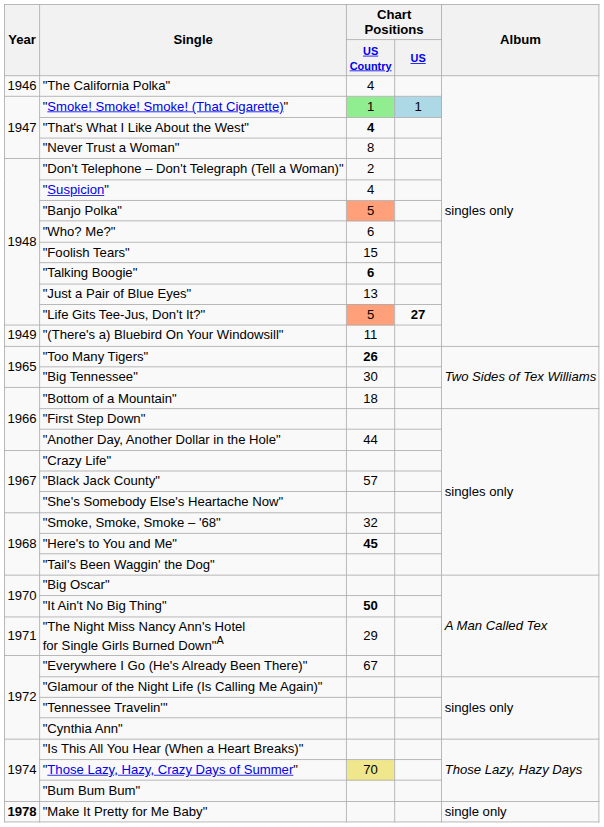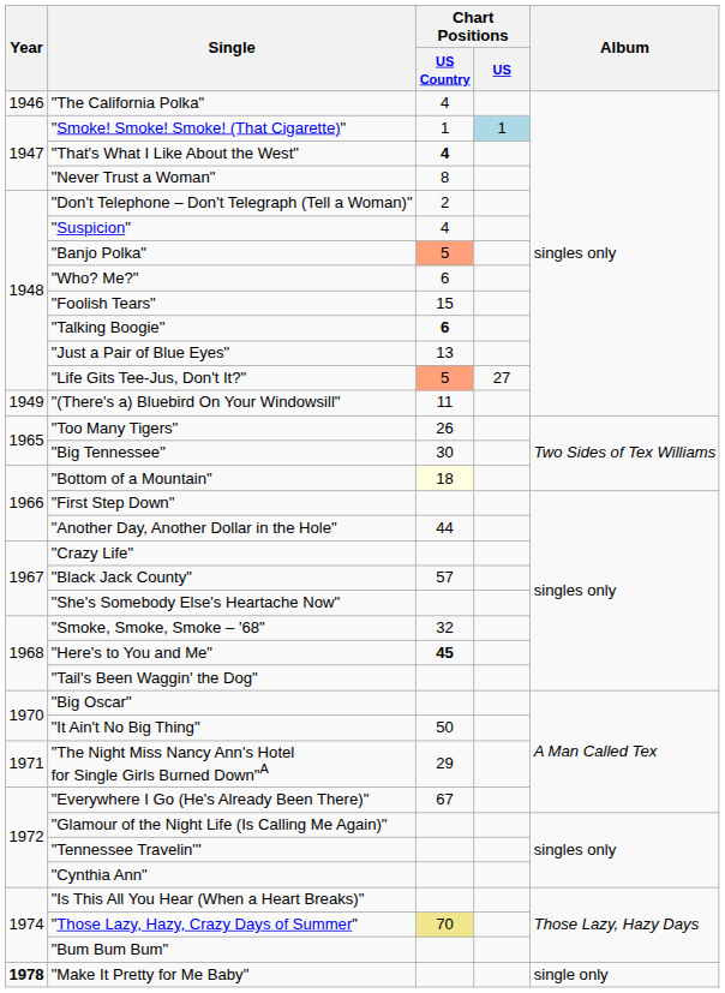 <table class="wikitable">
 <tr>
 <th rowspan="2">Year</th>
 <th rowspan="2">Single</th>
 <th colspan="2">Chart Positions</th>
 <th rowspan="2">Album</th>
 </tr>
 <tr>
 <th style="width:50px;"><small><a href='#'>US Country</a></small></th>
 <th style="width:50px;"><small><a href='#'>US</a></small></th>
 </tr>
 <tr>
 <td>1946</td>
 <td>"The California Polka"</td>
 <td style="text-align:center;">4</td>
 <td></td>
 <td rowspan="13">singles only</td>
 </tr>
 <tr>
 <td rowspan="3">1947</td>
 <td>"<a href='#'>Smoke! Smoke! Smoke! (That Cigarette)</a>"</td>
-<td style="background: lightgreen; text-align:center;">1</td>
+<td style="text-align:center;">1</td>
 <td style="background: lightblue; text-align:center;">1</td>
 </tr>
 <tr>
 <td>"That's What I Like About the West"</td>
 <td style="text-align:center;"><strong>4</strong></td>
 <td></td>
 </tr>
 <tr>
 <td>"Never Trust a Woman"</td>
 <td style="text-align:center;">8</td>
 <td></td>
 </tr>
 <tr>
 <td rowspan="8">1948</td>
 <td>"Don't Telephone – Don't Telegraph (Tell a Woman)"</td>
 <td style="text-align:center;">2</td>
 <td></td>
 </tr>
 <tr>
 <td>"<a href='#'>Suspicion</a>"</td>
 <td style="text-align:center;">4</td>
 <td></td>
 </tr>
 <tr>
 <td>"Banjo Polka"</td>
 <td style="background: lightsalmon; text-align:center;">5</td>
 <td></td>
 </tr>
 <tr>
 <td>"Who? Me?"</td>
 <td style="text-align:center;">6</td>
 <td></td>
 </tr>
 <tr>
 <td>"Foolish Tears"</td>
 <td style="text-align:center;">15</td>
 <td></td>
 </tr>
 <tr>
 <td>"Talking Boogie"</td>
 <td style="text-align:center;"><strong>6</strong></td>
 <td></td>
 </tr>
 <tr>
 <td>"Just a Pair of Blue Eyes"</td>
 <td style="text-align:center;">13</td>
 <td></td>
 </tr>
 <tr>
 <td>"Life Gits Tee-Jus, Don't It?"</td>
 <td style="background: lightsalmon; text-align:center;">5</td>
-<td style="text-align:center;"><strong>27</strong></td>
+<td style="text-align:center;">27</td>
 </tr>
 <tr>
 <td>1949</td>
 <td>"(There's a) Bluebird On Your Windowsill"</td>
 <td style="text-align:center;">11</td>
 <td></td>
 </tr>
 <tr>
 <td rowspan="2">1965</td>
 <td>"Too Many Tigers"</td>
-<td style="text-align:center;"><strong>26</strong></td>
+<td style="text-align:center;">26</td>
 <td></td>
 <td rowspan="3"><em>Two Sides of Tex Williams</em></td>
 </tr>
 <tr>
 <td>"Big Tennessee"</td>
 <td style="text-align:center;">30</td>
 <td></td>
 </tr>
 <tr>
 <td rowspan="3">1966</td>
 <td>"Bottom of a Mountain"</td>
-<td style="text-align:center;">18</td>
+<td style="background: lightyellow; text-align:center;">18</td>
 <td></td>
 </tr>
 <tr>
 <td>"First Step Down"</td>
 <td></td>
 <td></td>
 <td rowspan="8">singles only</td>
 </tr>
 <tr>
 <td>"Another Day, Another Dollar in the Hole"</td>
 <td style="text-align:center;">44</td>
 <td></td>
 </tr>
 <tr>
 <td rowspan="3">1967</td>
 <td>"Crazy Life"</td>
 <td></td>
 <td></td>
 </tr>
 <tr>
 <td>"Black Jack County"</td>
 <td style="text-align:center;">57</td>
 <td></td>
 </tr>
 <tr>
 <td>"She's Somebody Else's Heartache Now"</td>
 <td></td>
 <td></td>
 </tr>
 <tr>
 <td rowspan="3">1968</td>
 <td>"Smoke, Smoke, Smoke – '68"</td>
 <td style="text-align:center;">32</td>
 <td></td>
 </tr>
 <tr>
 <td>"Here's to You and Me"</td>
 <td style="text-align:center;"><strong>45</strong></td>
 <td></td>
 </tr>
 <tr>
 <td>"Tail's Been Waggin' the Dog"</td>
 <td></td>
 <td></td>
 </tr>
 <tr>
 <td rowspan="2">1970</td>
 <td>"Big Oscar"</td>
 <td></td>
 <td></td>
 <td rowspan="4"><em>A Man Called Tex</em></td>
 </tr>
 <tr>
 <td>"It Ain't No Big Thing"</td>
-<td style="text-align:center;"><strong>50</strong></td>
+<td style="text-align:center;">50</td>
 <td></td>
 </tr>
 <tr>
 <td>1971</td>
 <td>"The Night Miss Nancy Ann's Hotel<br>for Single Girls Burned Down"<sup>A</sup></td>
 <td style="text-align:center;">29</td>
 <td></td>
 </tr>
 <tr>
 <td rowspan="4">1972</td>
 <td>"Everywhere I Go (He's Already Been There)"</td>
 <td style="text-align:center;">67</td>
 <td></td>
 </tr>
 <tr>
 <td>"Glamour of the Night Life (Is Calling Me Again)"</td>
 <td></td>
 <td></td>
 <td rowspan="3">singles only</td>
 </tr>
 <tr>
 <td>"Tennessee Travelin'"</td>
 <td></td>
 <td></td>
 </tr>
 <tr>
 <td>"Cynthia Ann"</td>
 <td></td>
 <td></td>
 </tr>
 <tr>
 <td rowspan="3">1974</td>
 <td>"Is This All You Hear (When a Heart Breaks)"</td>
 <td></td>
 <td></td>
 <td rowspan="3"><em>Those Lazy, Hazy Days</em></td>
 </tr>
 <tr>
 <td>"<a href='#'>Those Lazy, Hazy, Crazy Days of Summer</a>"</td>
 <td style="background: khaki; text-align:center;">70</td>
 <td></td>
 </tr>
 <tr>
 <td>"Bum Bum Bum"</td>
 <td></td>
 <td></td>
 </tr>
 <tr>
 <td><strong>1978</strong></td>
 <td>"Make It Pretty for Me Baby"</td>
 <td></td>
 <td></td>
 <td>single only</td>
 </tr>
 </table>
